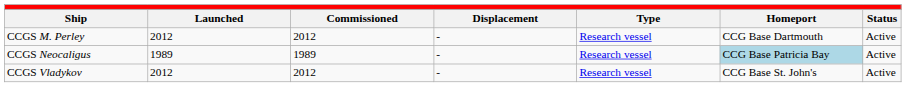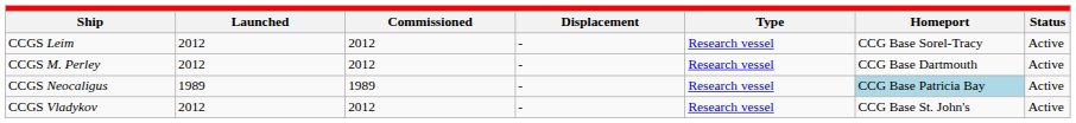 <table class="wikitable" style="margin:auto; width:100%;">
 <tr>
 <th colspan="7" style="align: center; background: #FF0000;"><strong></strong></th>
 </tr>
 <tr>
 </tr>
 <tr>
 <th style="text-align:center; width:14%;">Ship</th>
 <th style="text-align:center; width:14%;">Launched</th>
 <th style="text-align:center; width:14%;">Commissioned</th>
 <th style="text-align:center; width:14%;">Displacement</th>
 <th style="text-align:center; width:14%;">Type</th>
 <th style="text-align:center; width:14%;">Homeport</th>
 <th style="text-align:center; width:2%;">Status</th>
+</tr>
+<tr>
+<td rowspan="1">CCGS <em>Leim</em></td>
+<td>2012</td>
+<td>2012</td>
+<td>-</td>
+<td><a href='#'>Research vessel</a></td>
+<td>CCG Base Sorel-Tracy</td>
+<td>Active</td>
 </tr>
 <tr>
 <td rowspan="1">CCGS <em>M. Perley</em> </td>
 <td>2012</td>
 <td>2012</td>
 <td>-</td>
 <td><a href='#'>Research vessel</a></td>
 <td>CCG Base Dartmouth</td>
 <td>Active</td>
 </tr>
 <tr>
 <td rowspan="1">CCGS <em>Neocaligus</em></td>
 <td>1989</td>
 <td>1989</td>
 <td>-</td>
 <td><a href='#'>Research vessel</a></td>
 <td style="background: lightblue;">CCG Base Patricia Bay</td>
 <td>Active</td>
 </tr>
 <tr>
 <td rowspan="1">CCGS <em>Vladykov</em></td>
 <td>2012</td>
 <td>2012</td>
 <td>-</td>
 <td><a href='#'>Research vessel</a></td>
 <td>CCG Base St. John's</td>
 <td>Active</td>
 </tr>
 </table>
